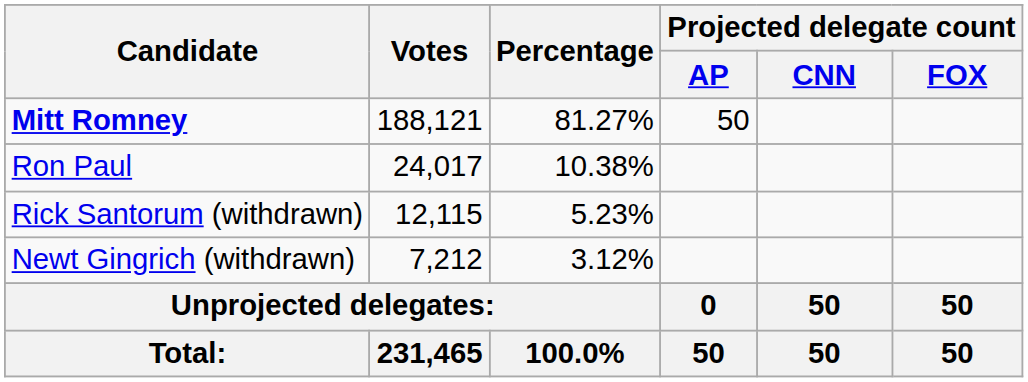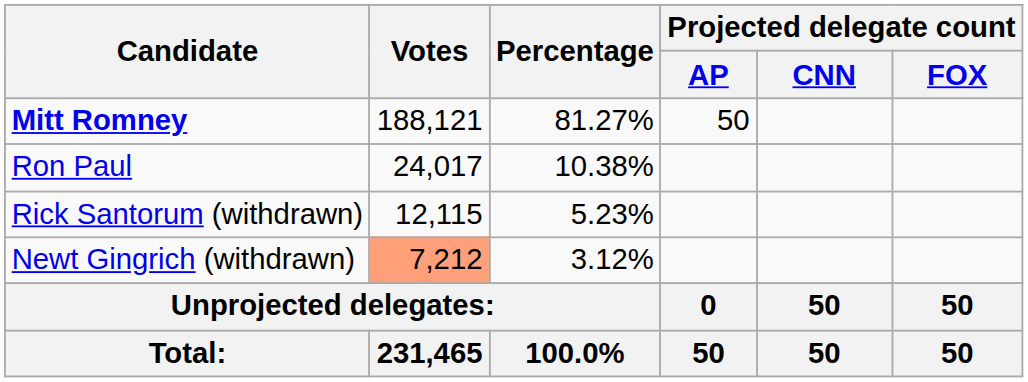 <table class="wikitable" style="text-align:right;">
 <tr>
 <th rowspan="2">Candidate</th>
 <th rowspan="2">Votes</th>
 <th rowspan="2">Percentage</th>
 <th colspan="3">Projected delegate count</th>
 </tr>
 <tr>
 <th><a href='#'>AP</a></th>
 <th><a href='#'>CNN</a><br></th>
 <th><a href='#'>FOX</a><br></th>
 </tr>
 <tr>
 <td style="text-align:left;"> <strong><a href='#'>Mitt Romney</a></strong></td>
 <td>188,121</td>
 <td>81.27%</td>
 <td>50</td>
 <td></td>
 <td></td>
 </tr>
 <tr>
 <td style="text-align:left;"><a href='#'>Ron Paul</a></td>
 <td>24,017</td>
 <td>10.38%</td>
 <td></td>
 <td></td>
 <td></td>
 </tr>
 <tr>
 <td style="text-align:left;"><a href='#'>Rick Santorum</a> (withdrawn)</td>
 <td>12,115</td>
 <td>5.23%</td>
 <td></td>
 <td></td>
 <td></td>
 </tr>
 <tr>
 <td style="text-align:left;"><a href='#'>Newt Gingrich</a> (withdrawn)</td>
-<td>7,212</td>
+<td style="background: lightsalmon;">7,212</td>
 <td>3.12%</td>
 <td></td>
 <td></td>
 <td></td>
 </tr>
 <tr style="background:#eee;">
 <th colspan="3">Unprojected delegates:</th>
 <th>0</th>
 <th>50</th>
 <th>50</th>
 </tr>
 <tr style="background:#eee;">
 <th>Total:</th>
 <th>231,465</th>
 <th>100.0%</th>
 <th>50</th>
 <th>50</th>
 <th>50</th>
 </tr>
 </table>
